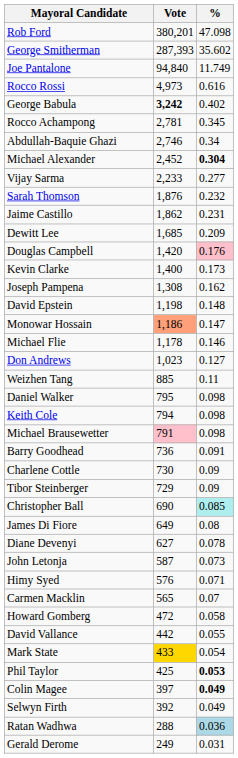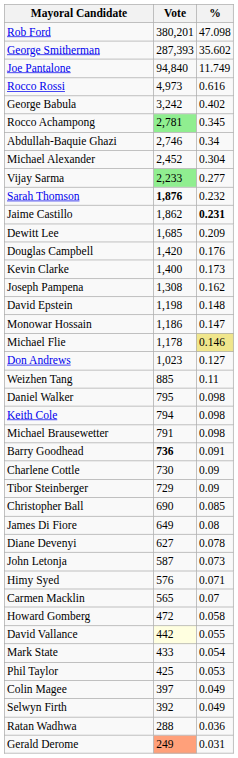 <table class="wikitable">
 <tr>
 <th bgcolor="#DDDDFF" width="200px">Mayoral Candidate </th>
 <th bgcolor="#DDDDFF" width="50px">Vote</th>
 <th bgcolor="#DDDDFF" width="30px">%</th>
 </tr>
 <tr>
 <td><a href='#'>Rob Ford</a></td>
 <td>380,201</td>
 <td>47.098</td>
 </tr>
 <tr>
 <td><a href='#'>George Smitherman</a></td>
 <td>287,393</td>
 <td>35.602</td>
 </tr>
 <tr>
 <td><a href='#'>Joe Pantalone</a></td>
 <td>94,840</td>
 <td>11.749</td>
 </tr>
 <tr>
 <td><a href='#'>Rocco Rossi</a></td>
 <td>4,973</td>
 <td>0.616</td>
 </tr>
 <tr>
 <td>George Babula</td>
-<td><strong>3,242</strong></td>
+<td>3,242</td>
 <td>0.402</td>
 </tr>
 <tr>
 <td>Rocco Achampong</td>
-<td>2,781</td>
+<td style="background: lightgreen;">2,781</td>
 <td>0.345</td>
 </tr>
 <tr>
 <td>Abdullah-Baquie Ghazi</td>
 <td>2,746</td>
 <td>0.34</td>
 </tr>
 <tr>
 <td>Michael Alexander</td>
 <td>2,452</td>
-<td><strong>0.304</strong></td>
+<td>0.304</td>
 </tr>
 <tr>
 <td>Vijay Sarma</td>
-<td>2,233</td>
+<td style="background: lightgreen;">2,233</td>
 <td>0.277</td>
 </tr>
 <tr>
 <td><a href='#'>Sarah Thomson</a></td>
-<td>1,876</td>
+<td><strong>1,876</strong></td>
 <td>0.232</td>
 </tr>
 <tr>
 <td>Jaime Castillo</td>
 <td>1,862</td>
-<td>0.231</td>
+<td><strong>0.231</strong></td>
 </tr>
 <tr>
 <td>Dewitt Lee</td>
 <td>1,685</td>
 <td>0.209</td>
 </tr>
 <tr>
 <td>Douglas Campbell</td>
 <td>1,420</td>
-<td style="background: pink;">0.176</td>
+<td>0.176</td>
 </tr>
 <tr>
 <td>Kevin Clarke</td>
 <td>1,400</td>
 <td>0.173</td>
 </tr>
 <tr>
 <td>Joseph Pampena</td>
 <td>1,308</td>
 <td>0.162</td>
 </tr>
 <tr>
 <td>David Epstein</td>
 <td>1,198</td>
 <td>0.148</td>
 </tr>
 <tr>
 <td>Monowar Hossain</td>
-<td style="background: lightsalmon;">1,186</td>
+<td>1,186</td>
 <td>0.147</td>
 </tr>
 <tr>
 <td>Michael Flie</td>
 <td>1,178</td>
-<td>0.146</td>
+<td style="background: khaki;">0.146</td>
 </tr>
 <tr>
 <td><a href='#'>Don Andrews</a></td>
 <td>1,023</td>
 <td>0.127</td>
 </tr>
 <tr>
 <td>Weizhen Tang</td>
 <td>885</td>
 <td>0.11</td>
 </tr>
 <tr>
 <td>Daniel Walker</td>
 <td>795</td>
 <td>0.098</td>
 </tr>
 <tr>
 <td><a href='#'>Keith Cole</a></td>
 <td>794</td>
 <td>0.098</td>
 </tr>
 <tr>
 <td>Michael Brausewetter</td>
-<td style="background: pink;">791</td>
+<td>791</td>
 <td>0.098</td>
 </tr>
 <tr>
 <td>Barry Goodhead</td>
-<td>736</td>
+<td><strong>736</strong></td>
 <td>0.091</td>
 </tr>
 <tr>
 <td>Charlene Cottle</td>
 <td>730</td>
 <td>0.09</td>
 </tr>
 <tr>
 <td>Tibor Steinberger</td>
 <td>729</td>
 <td>0.09</td>
 </tr>
 <tr>
 <td>Christopher Ball</td>
 <td>690</td>
-<td style="background: paleturquoise;">0.085</td>
+<td>0.085</td>
 </tr>
 <tr>
 <td>James Di Fiore</td>
 <td>649</td>
 <td>0.08</td>
 </tr>
 <tr>
 <td>Diane Devenyi</td>
 <td>627</td>
 <td>0.078</td>
 </tr>
 <tr>
 <td>John Letonja</td>
 <td>587</td>
 <td>0.073</td>
 </tr>
 <tr>
 <td>Himy Syed</td>
 <td>576</td>
 <td>0.071</td>
 </tr>
 <tr>
 <td>Carmen Macklin</td>
 <td>565</td>
 <td>0.07</td>
 </tr>
 <tr>
 <td>Howard Gomberg</td>
 <td>472</td>
 <td>0.058</td>
 </tr>
 <tr>
 <td>David Vallance</td>
-<td>442</td>
+<td style="background: lightyellow;">442</td>
 <td>0.055</td>
 </tr>
 <tr>
 <td>Mark State</td>
-<td style="background: gold;">433</td>
+<td>433</td>
 <td>0.054</td>
 </tr>
 <tr>
 <td>Phil Taylor</td>
 <td>425</td>
-<td><strong>0.053</strong></td>
+<td>0.053</td>
 </tr>
 <tr>
 <td>Colin Magee</td>
 <td>397</td>
-<td><strong>0.049</strong></td>
+<td>0.049</td>
 </tr>
 <tr>
 <td>Selwyn Firth</td>
 <td>392</td>
 <td>0.049</td>
 </tr>
 <tr>
 <td>Ratan Wadhwa</td>
 <td>288</td>
-<td style="background: lightblue;">0.036</td>
+<td>0.036</td>
 </tr>
 <tr>
 <td>Gerald Derome</td>
-<td>249</td>
+<td style="background: lightsalmon;">249</td>
 <td>0.031</td>
 </tr>
 </table>
